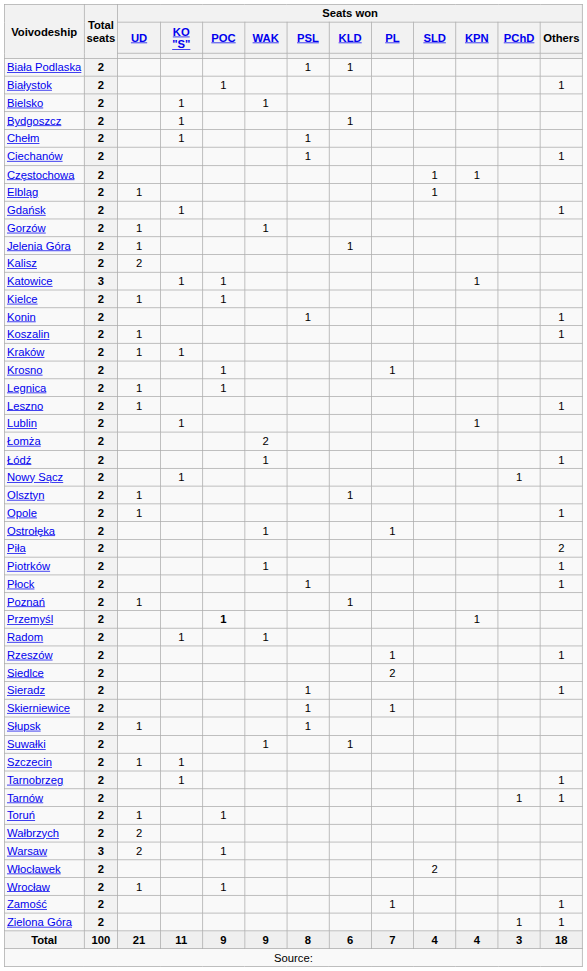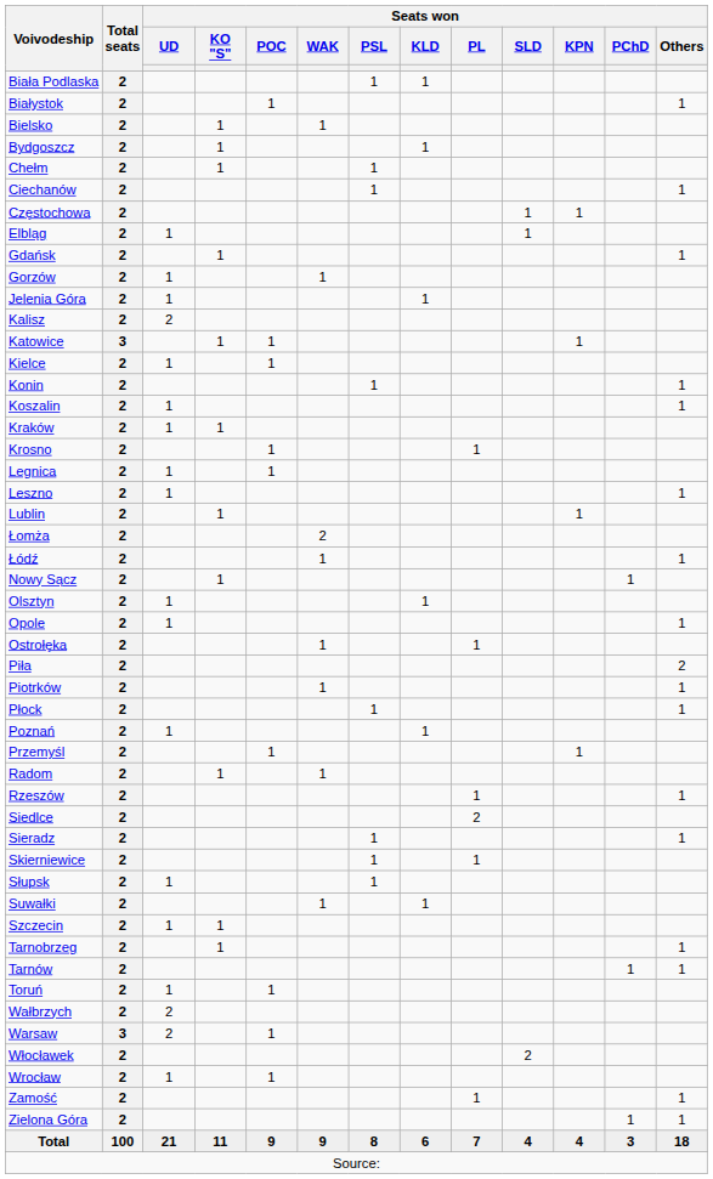 <table class="wikitable" style="text-align:center; font-size:95%">
 <tr>
 <th rowspan="3">Voivodeship</th>
 <th rowspan="3" style="width:25px;">Total seats</th>
 <th colspan="11">Seats won</th>
 </tr>
 <tr style="height:42px; text-align:center; background-color:#E9E9E9;">
 <th style="width:50px;"><a href='#'>UD</a></th>
 <th style="width:50px;"><a href='#'>KO "S"</a></th>
 <th style="width:50px;"><a href='#'>POC</a></th>
 <th style="width:50px;"><a href='#'>WAK</a></th>
 <th style="width:50px;"><a href='#'>PSL</a></th>
 <th style="width:50px;"><a href='#'>KLD</a></th>
 <th style="width:50px;"><a href='#'>PL</a></th>
 <th style="width:50px;"><a href='#'>SLD</a></th>
 <th style="width:50px;"><a href='#'>KPN</a></th>
 <th style="width:50px;"><a href='#'>PChD</a></th>
 <th style="width:50px;">Others</th>
 </tr>
 <tr>
 <th style="background:"></th>
 <th style="background:"></th>
 <th style="background:"></th>
 <th style="background:"></th>
 <th style="background:"></th>
 <th style="background:"></th>
 <th style="background:"></th>
 <th style="background:"></th>
 <th style="background:"></th>
 <th style="background:"></th>
 <th style="background:"></th>
 </tr>
 <tr>
 <td align="left"><a href='#'>Biała Podlaska</a></td>
 <th>2</th>
 <td></td>
 <td></td>
 <td></td>
 <td></td>
 <td>1</td>
 <td>1</td>
 <td></td>
 <td></td>
 <td></td>
 <td></td>
 <td></td>
 </tr>
 <tr>
 <td align="left"><a href='#'>Białystok</a></td>
 <th>2</th>
 <td></td>
 <td></td>
 <td>1</td>
 <td></td>
 <td></td>
 <td></td>
 <td></td>
 <td></td>
 <td></td>
 <td></td>
 <td>1</td>
 </tr>
 <tr>
 <td align="left"><a href='#'>Bielsko</a></td>
 <th>2</th>
 <td></td>
 <td>1</td>
 <td></td>
 <td>1</td>
 <td></td>
 <td></td>
 <td></td>
 <td></td>
 <td></td>
 <td></td>
 <td></td>
 </tr>
 <tr>
 <td align="left"><a href='#'>Bydgoszcz</a></td>
 <th>2</th>
 <td></td>
 <td>1</td>
 <td></td>
 <td></td>
 <td></td>
 <td>1</td>
 <td></td>
 <td></td>
 <td></td>
 <td></td>
 <td></td>
 </tr>
 <tr>
 <td align="left"><a href='#'>Chełm</a></td>
 <th>2</th>
 <td></td>
 <td>1</td>
 <td></td>
 <td></td>
 <td>1</td>
 <td></td>
 <td></td>
 <td></td>
 <td></td>
 <td></td>
 <td></td>
 </tr>
 <tr>
 <td align="left"><a href='#'>Ciechanów</a></td>
 <th>2</th>
 <td></td>
 <td></td>
 <td></td>
 <td></td>
 <td>1</td>
 <td></td>
 <td></td>
 <td></td>
 <td></td>
 <td></td>
 <td>1</td>
 </tr>
 <tr>
 <td align="left"><a href='#'>Częstochowa</a></td>
 <th>2</th>
 <td></td>
 <td></td>
 <td></td>
 <td></td>
 <td></td>
 <td></td>
 <td></td>
 <td>1</td>
 <td>1</td>
 <td></td>
 <td></td>
 </tr>
 <tr>
 <td align="left"><a href='#'>Elbląg</a></td>
 <th>2</th>
 <td>1</td>
 <td></td>
 <td></td>
 <td></td>
 <td></td>
 <td></td>
 <td></td>
 <td>1</td>
 <td></td>
 <td></td>
 <td></td>
 </tr>
 <tr>
 <td align="left"><a href='#'>Gdańsk</a></td>
 <th>2</th>
 <td></td>
 <td>1</td>
 <td></td>
 <td></td>
 <td></td>
 <td></td>
 <td></td>
 <td></td>
 <td></td>
 <td></td>
 <td>1</td>
 </tr>
 <tr>
 <td align="left"><a href='#'>Gorzów</a></td>
 <th>2</th>
 <td>1</td>
 <td></td>
 <td></td>
 <td>1</td>
 <td></td>
 <td></td>
 <td></td>
 <td></td>
 <td></td>
 <td></td>
 <td></td>
 </tr>
 <tr>
 <td align="left"><a href='#'>Jelenia Góra</a></td>
 <th>2</th>
 <td>1</td>
 <td></td>
 <td></td>
 <td></td>
 <td></td>
 <td>1</td>
 <td></td>
 <td></td>
 <td></td>
 <td></td>
 <td></td>
 </tr>
 <tr>
 <td align="left"><a href='#'>Kalisz</a></td>
 <th>2</th>
 <td>2</td>
 <td></td>
 <td></td>
 <td></td>
 <td></td>
 <td></td>
 <td></td>
 <td></td>
 <td></td>
 <td></td>
 <td></td>
 </tr>
 <tr>
 <td align="left"><a href='#'>Katowice</a></td>
 <th>3</th>
 <td></td>
 <td>1</td>
 <td>1</td>
 <td></td>
 <td></td>
 <td></td>
 <td></td>
 <td></td>
 <td>1</td>
 <td></td>
 <td></td>
 </tr>
 <tr>
 <td align="left"><a href='#'>Kielce</a></td>
 <th>2</th>
 <td>1</td>
 <td></td>
 <td>1</td>
 <td></td>
 <td></td>
 <td></td>
 <td></td>
 <td></td>
 <td></td>
 <td></td>
 <td></td>
 </tr>
 <tr>
 <td align="left"><a href='#'>Konin</a></td>
 <th>2</th>
 <td></td>
 <td></td>
 <td></td>
 <td></td>
 <td>1</td>
 <td></td>
 <td></td>
 <td></td>
 <td></td>
 <td></td>
 <td>1</td>
 </tr>
 <tr>
 <td align="left"><a href='#'>Koszalin</a></td>
 <th>2</th>
 <td>1</td>
 <td></td>
 <td></td>
 <td></td>
 <td></td>
 <td></td>
 <td></td>
 <td></td>
 <td></td>
 <td></td>
 <td>1</td>
 </tr>
 <tr>
 <td align="left"><a href='#'>Kraków</a></td>
 <th>2</th>
 <td>1</td>
 <td>1</td>
 <td></td>
 <td></td>
 <td></td>
 <td></td>
 <td></td>
 <td></td>
 <td></td>
 <td></td>
 <td></td>
 </tr>
 <tr>
 <td align="left"><a href='#'>Krosno</a></td>
 <th>2</th>
 <td></td>
 <td></td>
 <td>1</td>
 <td></td>
 <td></td>
 <td></td>
 <td>1</td>
 <td></td>
 <td></td>
 <td></td>
 <td></td>
 </tr>
 <tr>
 <td align="left"><a href='#'>Legnica</a></td>
 <th>2</th>
 <td>1</td>
 <td></td>
 <td>1</td>
 <td></td>
 <td></td>
 <td></td>
 <td></td>
 <td></td>
 <td></td>
 <td></td>
 <td></td>
 </tr>
 <tr>
 <td align="left"><a href='#'>Leszno</a></td>
 <th>2</th>
 <td>1</td>
 <td></td>
 <td></td>
 <td></td>
 <td></td>
 <td></td>
 <td></td>
 <td></td>
 <td></td>
 <td></td>
 <td>1</td>
 </tr>
 <tr>
 <td align="left"><a href='#'>Lublin</a></td>
 <th>2</th>
 <td></td>
 <td>1</td>
 <td></td>
 <td></td>
 <td></td>
 <td></td>
 <td></td>
 <td></td>
 <td>1</td>
 <td></td>
 <td></td>
 </tr>
 <tr>
 <td align="left"><a href='#'>Łomża</a></td>
 <th>2</th>
 <td></td>
 <td></td>
 <td></td>
 <td>2</td>
 <td></td>
 <td></td>
 <td></td>
 <td></td>
 <td></td>
 <td></td>
 <td></td>
 </tr>
 <tr>
 <td align="left"><a href='#'>Łódź</a></td>
 <th>2</th>
 <td></td>
 <td></td>
 <td></td>
 <td>1</td>
 <td></td>
 <td></td>
 <td></td>
 <td></td>
 <td></td>
 <td></td>
 <td>1</td>
 </tr>
 <tr>
 <td align="left"><a href='#'>Nowy Sącz</a></td>
 <th>2</th>
 <td></td>
 <td>1</td>
 <td></td>
 <td></td>
 <td></td>
 <td></td>
 <td></td>
 <td></td>
 <td></td>
 <td>1</td>
 <td></td>
 </tr>
 <tr>
 <td align="left"><a href='#'>Olsztyn</a></td>
 <th>2</th>
 <td>1</td>
 <td></td>
 <td></td>
 <td></td>
 <td></td>
 <td>1</td>
 <td></td>
 <td></td>
 <td></td>
 <td></td>
 <td></td>
 </tr>
 <tr>
 <td align="left"><a href='#'>Opole</a></td>
 <th>2</th>
 <td>1</td>
 <td></td>
 <td></td>
 <td></td>
 <td></td>
 <td></td>
 <td></td>
 <td></td>
 <td></td>
 <td></td>
 <td>1</td>
 </tr>
 <tr>
 <td align="left"><a href='#'>Ostrołęka</a></td>
 <th>2</th>
 <td></td>
 <td></td>
 <td></td>
 <td>1</td>
 <td></td>
 <td></td>
 <td>1</td>
 <td></td>
 <td></td>
 <td></td>
 <td></td>
 </tr>
 <tr>
 <td align="left"><a href='#'>Piła</a></td>
 <th>2</th>
 <td></td>
 <td></td>
 <td></td>
 <td></td>
 <td></td>
 <td></td>
 <td></td>
 <td></td>
 <td></td>
 <td></td>
 <td>2</td>
 </tr>
 <tr>
 <td align="left"><a href='#'>Piotrków</a></td>
 <th>2</th>
 <td></td>
 <td></td>
 <td></td>
 <td>1</td>
 <td></td>
 <td></td>
 <td></td>
 <td></td>
 <td></td>
 <td></td>
 <td>1</td>
 </tr>
 <tr>
 <td align="left"><a href='#'>Płock</a></td>
 <th>2</th>
 <td></td>
 <td></td>
 <td></td>
 <td></td>
 <td>1</td>
 <td></td>
 <td></td>
 <td></td>
 <td></td>
 <td></td>
 <td>1</td>
 </tr>
 <tr>
 <td align="left"><a href='#'>Poznań</a></td>
 <th>2</th>
 <td>1</td>
 <td></td>
 <td></td>
 <td></td>
 <td></td>
 <td>1</td>
 <td></td>
 <td></td>
 <td></td>
 <td></td>
 <td></td>
 </tr>
 <tr>
 <td align="left"><a href='#'>Przemyśl</a></td>
 <th>2</th>
 <td></td>
 <td></td>
-<td><strong>1</strong></td>
+<td>1</td>
 <td></td>
 <td></td>
 <td></td>
 <td></td>
 <td></td>
 <td>1</td>
 <td></td>
 <td></td>
 </tr>
 <tr>
 <td align="left"><a href='#'>Radom</a></td>
 <th>2</th>
 <td></td>
 <td>1</td>
 <td></td>
 <td>1</td>
 <td></td>
 <td></td>
 <td></td>
 <td></td>
 <td></td>
 <td></td>
 <td></td>
 </tr>
 <tr>
 <td align="left"><a href='#'>Rzeszów</a></td>
 <th>2</th>
 <td></td>
 <td></td>
 <td></td>
 <td></td>
 <td></td>
 <td></td>
 <td>1</td>
 <td></td>
 <td></td>
 <td></td>
 <td>1</td>
 </tr>
 <tr>
 <td align="left"><a href='#'>Siedlce</a></td>
 <th>2</th>
 <td></td>
 <td></td>
 <td></td>
 <td></td>
 <td></td>
 <td></td>
 <td>2</td>
 <td></td>
 <td></td>
 <td></td>
 <td></td>
 </tr>
 <tr>
 <td align="left"><a href='#'>Sieradz</a></td>
 <th>2</th>
 <td></td>
 <td></td>
 <td></td>
 <td></td>
 <td>1</td>
 <td></td>
 <td></td>
 <td></td>
 <td></td>
 <td></td>
 <td>1</td>
 </tr>
 <tr>
 <td align="left"><a href='#'>Skierniewice</a></td>
 <th>2</th>
 <td></td>
 <td></td>
 <td></td>
 <td></td>
 <td>1</td>
 <td></td>
 <td>1</td>
 <td></td>
 <td></td>
 <td></td>
 <td></td>
 </tr>
 <tr>
 <td align="left"><a href='#'>Słupsk</a></td>
 <th>2</th>
 <td>1</td>
 <td></td>
 <td></td>
 <td></td>
 <td>1</td>
 <td></td>
 <td></td>
 <td></td>
 <td></td>
 <td></td>
 <td></td>
 </tr>
 <tr>
 <td align="left"><a href='#'>Suwałki</a></td>
 <th>2</th>
 <td></td>
 <td></td>
 <td></td>
 <td>1</td>
 <td></td>
 <td>1</td>
 <td></td>
 <td></td>
 <td></td>
 <td></td>
 <td></td>
 </tr>
 <tr>
 <td align="left"><a href='#'>Szczecin</a></td>
 <th>2</th>
 <td>1</td>
 <td>1</td>
 <td></td>
 <td></td>
 <td></td>
 <td></td>
 <td></td>
 <td></td>
 <td></td>
 <td></td>
 <td></td>
 </tr>
 <tr>
 <td align="left"><a href='#'>Tarnobrzeg</a></td>
 <th>2</th>
 <td></td>
 <td>1</td>
 <td></td>
 <td></td>
 <td></td>
 <td></td>
 <td></td>
 <td></td>
 <td></td>
 <td></td>
 <td>1</td>
 </tr>
 <tr>
 <td align="left"><a href='#'>Tarnów</a></td>
 <th>2</th>
 <td></td>
 <td></td>
 <td></td>
 <td></td>
 <td></td>
 <td></td>
 <td></td>
 <td></td>
 <td></td>
 <td>1</td>
 <td>1</td>
 </tr>
 <tr>
 <td align="left"><a href='#'>Toruń</a></td>
 <th>2</th>
 <td>1</td>
 <td></td>
 <td>1</td>
 <td></td>
 <td></td>
 <td></td>
 <td></td>
 <td></td>
 <td></td>
 <td></td>
 <td></td>
 </tr>
 <tr>
 <td align="left"><a href='#'>Wałbrzych</a></td>
 <th>2</th>
 <td>2</td>
 <td></td>
 <td></td>
 <td></td>
 <td></td>
 <td></td>
 <td></td>
 <td></td>
 <td></td>
 <td></td>
 <td></td>
 </tr>
 <tr>
 <td align="left"><a href='#'>Warsaw</a></td>
 <th>3</th>
 <td>2</td>
 <td></td>
 <td>1</td>
 <td></td>
 <td></td>
 <td></td>
 <td></td>
 <td></td>
 <td></td>
 <td></td>
 <td></td>
 </tr>
 <tr>
 <td align="left"><a href='#'>Włocławek</a></td>
 <th>2</th>
 <td></td>
 <td></td>
 <td></td>
 <td></td>
 <td></td>
 <td></td>
 <td></td>
 <td>2</td>
 <td></td>
 <td></td>
 <td></td>
 </tr>
 <tr>
 <td align="left"><a href='#'>Wrocław</a></td>
 <th>2</th>
 <td>1</td>
 <td></td>
 <td>1</td>
 <td></td>
 <td></td>
 <td></td>
 <td></td>
 <td></td>
 <td></td>
 <td></td>
 <td></td>
 </tr>
 <tr>
 <td align="left"><a href='#'>Zamość</a></td>
 <th>2</th>
 <td></td>
 <td></td>
 <td></td>
 <td></td>
 <td></td>
 <td></td>
 <td>1</td>
 <td></td>
 <td></td>
 <td></td>
 <td>1</td>
 </tr>
 <tr>
 <td align="left"><a href='#'>Zielona Góra</a></td>
 <th>2</th>
 <td></td>
 <td></td>
 <td></td>
 <td></td>
 <td></td>
 <td></td>
 <td></td>
 <td></td>
 <td></td>
 <td>1</td>
 <td>1</td>
 </tr>
 <tr style="background:#EFEFEF; font-weight:bold;">
 <th align="center">Total</th>
 <th>100</th>
 <td>21</td>
 <td>11</td>
 <td>9</td>
 <td>9</td>
 <td>8</td>
 <td>6</td>
 <td>7</td>
 <td>4</td>
 <td>4</td>
 <td>3</td>
 <td>18</td>
 </tr>
 <tr>
 <td colspan="13" align="center">Source: </td>
 </tr>
 </table>
